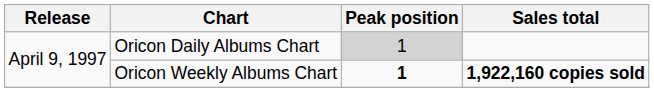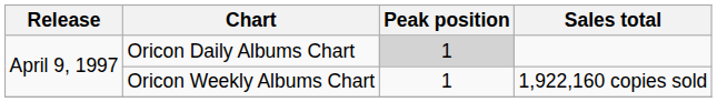 <table class="wikitable">
 <tr>
 <th>Release</th>
 <th>Chart</th>
 <th>Peak position</th>
 <th>Sales total</th>
 </tr>
 <tr>
 <td rowspan="2">April 9, 1997</td>
 <td>Oricon Daily Albums Chart</td>
 <td align="center" style="background: lightgrey;">1</td>
 <td></td>
 </tr>
 <tr>
 <td>Oricon Weekly Albums Chart</td>
-<td align="center"><strong>1</strong></td>
-<td><strong>1,922,160 copies sold</strong></td>
+<td align="center">1</td>
+<td>1,922,160 copies sold</td>
 </tr>
 <tr>
 </tr>
 </table>
